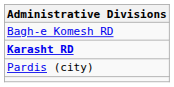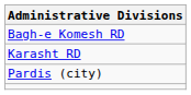 <table class="wikitable">
 <tr>
 <th>Administrative Divisions</th>
 </tr>
 <tr>
 <td><a href='#'>Bagh-e Komesh RD</a></td>
 </tr>
 <tr>
-<td><strong><a href='#'>Karasht RD</a></strong></td>
+<td><a href='#'>Karasht RD</a></td>
 </tr>
 <tr>
 <td><a href='#'>Pardis</a> (city)</td>
 </tr>
 <tr>
 <td colspan=1></td>
 </tr>
 </table>
